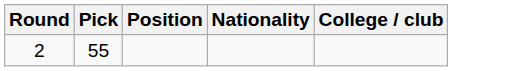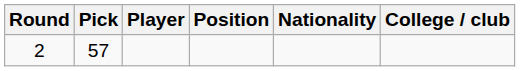 <table class="wikitable sortable sortable">
 <tr>
 <th>Round</th>
 <th>Pick</th>
+<th>Player</th>
 <th>Position</th>
 <th>Nationality</th>
 <th>College / club</th>
 </tr>
 <tr style="text-align: center">
 <td>2</td>
-<td>55</td>
+<td>57</td>
+<td></td>
 <td></td>
 <td></td>
 <td></td>
 </tr>
 </table>
